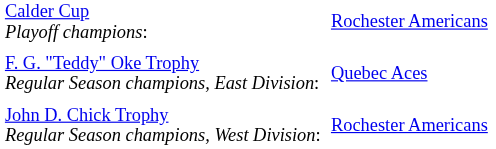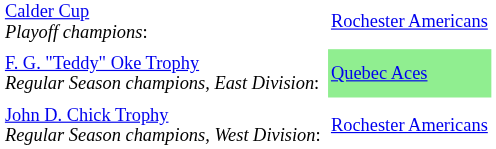 <table cellpadding="3" cellspacing="3">
 <tr>
 <td><a href='#'>Calder Cup</a><br><em>Playoff champions</em>:</td>
 <td><a href='#'>Rochester Americans</a></td>
 </tr>
 <tr>
 <td><a href='#'>F. G. "Teddy" Oke Trophy</a><br><em>Regular Season champions, East Division</em>:</td>
-<td><a href='#'>Quebec Aces</a></td>
+<td style="background: lightgreen;"><a href='#'>Quebec Aces</a></td>
 </tr>
 <tr>
 <td><a href='#'>John D. Chick Trophy</a><br><em>Regular Season champions, West Division</em>:</td>
 <td><a href='#'>Rochester Americans</a></td>
 </tr>
 </table>
